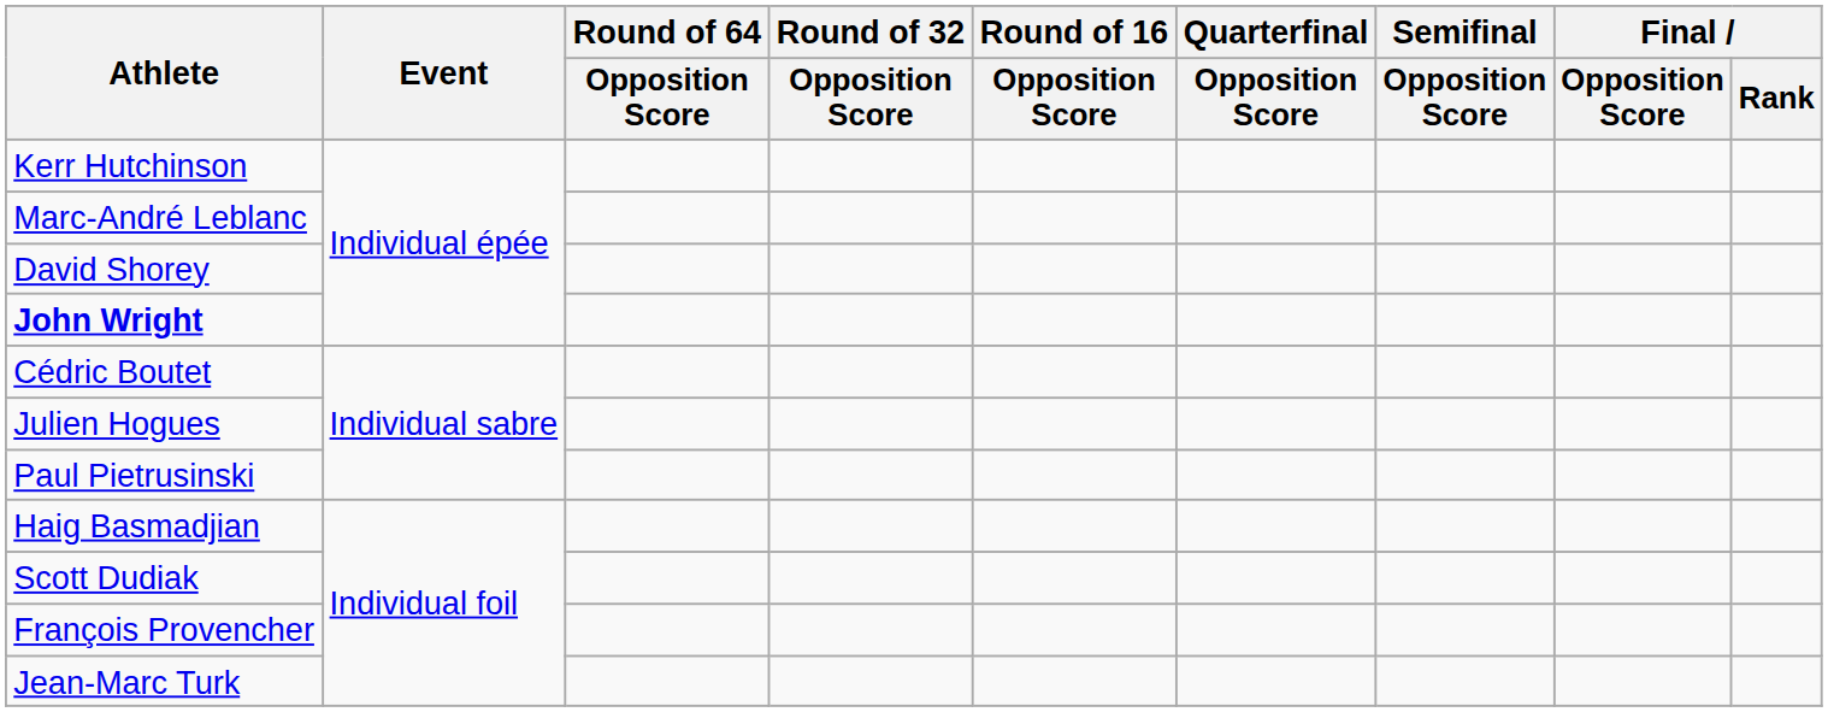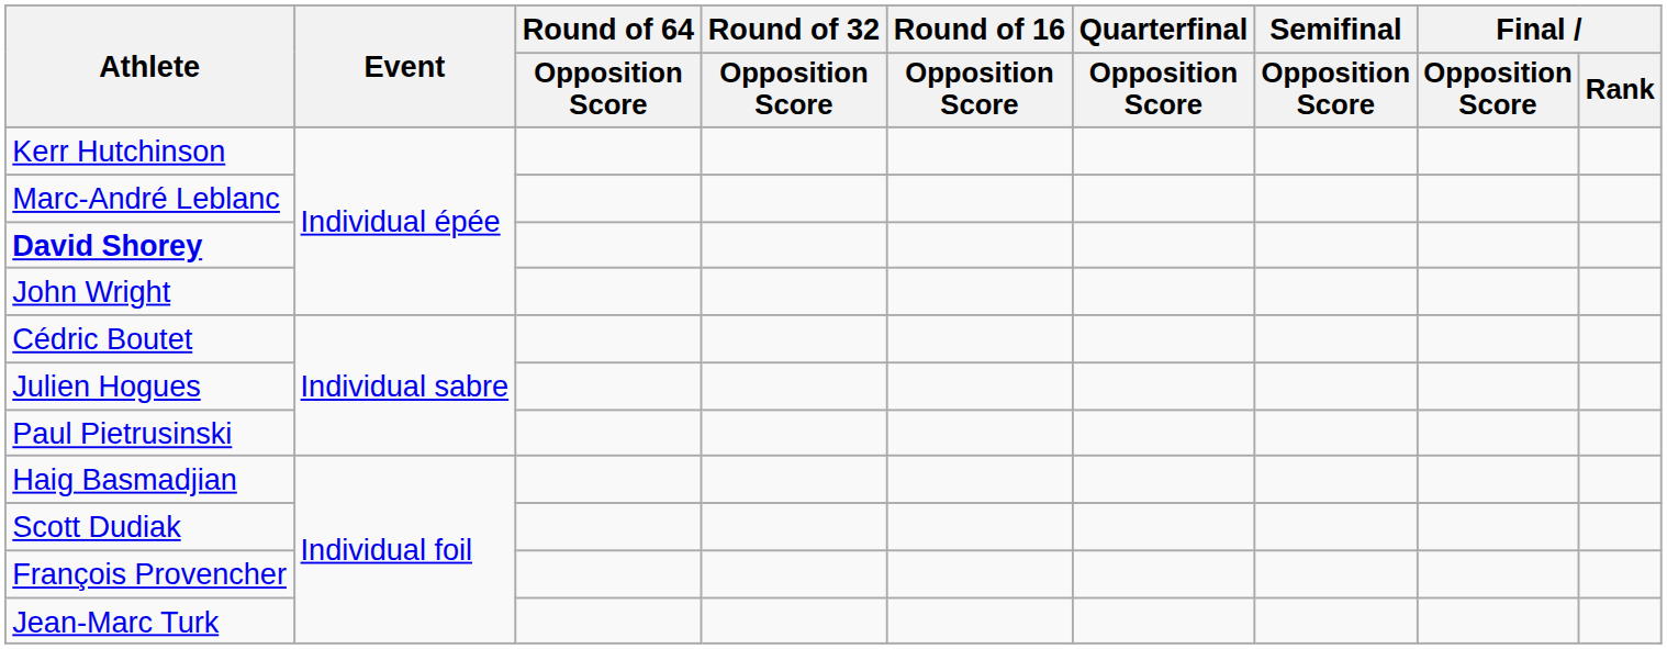 <table class="wikitable" style="font-size:90%">
 <tr>
 <th rowspan=2>Athlete</th>
 <th rowspan=2>Event</th>
 <th>Round of 64</th>
 <th>Round of 32</th>
 <th>Round of 16</th>
 <th>Quarterfinal</th>
 <th>Semifinal</th>
 <th colspan=2>Final / </th>
 </tr>
 <tr style="font-size:95%">
 <th>Opposition <br> Score</th>
 <th>Opposition <br> Score</th>
 <th>Opposition <br> Score</th>
 <th>Opposition <br> Score</th>
 <th>Opposition <br> Score</th>
 <th>Opposition <br> Score</th>
 <th>Rank</th>
 </tr>
 <tr align=center>
 <td align=left><a href='#'>Kerr Hutchinson</a></td>
 <td align=left rowspan=4><a href='#'>Individual épée</a></td>
 <td></td>
 <td></td>
 <td></td>
 <td></td>
 <td></td>
 <td></td>
 <td></td>
 </tr>
 <tr align=center>
 <td align=left><a href='#'>Marc-André Leblanc</a></td>
 <td></td>
 <td></td>
 <td></td>
 <td></td>
 <td></td>
 <td></td>
 <td></td>
 </tr>
 <tr align=center>
-<td align=left><a href='#'>David Shorey</a></td>
+<td align=left><strong><a href='#'>David Shorey</a></strong></td>
 <td></td>
 <td></td>
 <td></td>
 <td></td>
 <td></td>
 <td></td>
 <td></td>
 </tr>
 <tr align=center>
-<td align=left><strong><a href='#'>John Wright</a></strong></td>
+<td align=left><a href='#'>John Wright</a></td>
 <td></td>
 <td></td>
 <td></td>
 <td></td>
 <td></td>
 <td></td>
 <td></td>
 </tr>
 <tr align=center>
 <td align=left><a href='#'>Cédric Boutet</a></td>
 <td align=left rowspan=3><a href='#'>Individual sabre</a></td>
 <td></td>
 <td></td>
 <td></td>
 <td></td>
 <td></td>
 <td></td>
 <td></td>
 </tr>
 <tr align=center>
 <td align=left><a href='#'>Julien Hogues</a></td>
 <td></td>
 <td></td>
 <td></td>
 <td></td>
 <td></td>
 <td></td>
 <td></td>
 </tr>
 <tr align=center>
 <td align=left><a href='#'>Paul Pietrusinski</a></td>
 <td></td>
 <td></td>
 <td></td>
 <td></td>
 <td></td>
 <td></td>
 <td></td>
 </tr>
 <tr align=center>
 <td align=left><a href='#'>Haig Basmadjian</a></td>
 <td align=left rowspan=4><a href='#'>Individual foil</a></td>
 <td></td>
 <td></td>
 <td></td>
 <td></td>
 <td></td>
 <td></td>
 <td></td>
 </tr>
 <tr align=center>
 <td align=left><a href='#'>Scott Dudiak</a></td>
 <td></td>
 <td></td>
 <td></td>
 <td></td>
 <td></td>
 <td></td>
 <td></td>
 </tr>
 <tr align=center>
 <td align=left><a href='#'>François Provencher</a></td>
 <td></td>
 <td></td>
 <td></td>
 <td></td>
 <td></td>
 <td></td>
 <td></td>
 </tr>
 <tr align=center>
 <td align=left><a href='#'>Jean-Marc Turk</a></td>
 <td></td>
 <td></td>
 <td></td>
 <td></td>
 <td></td>
 <td></td>
 <td></td>
 </tr>
 </table>
